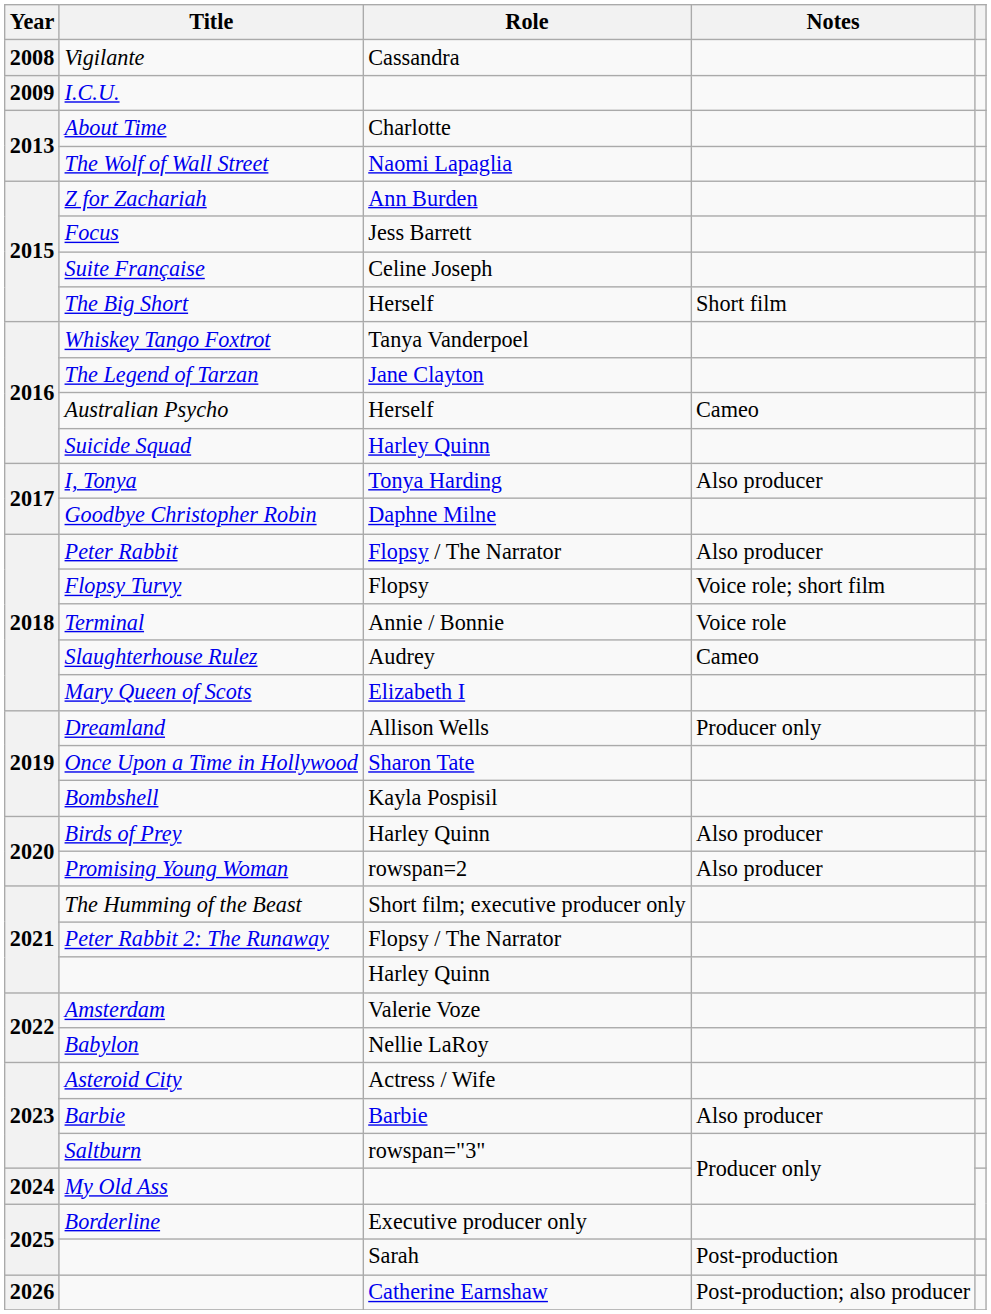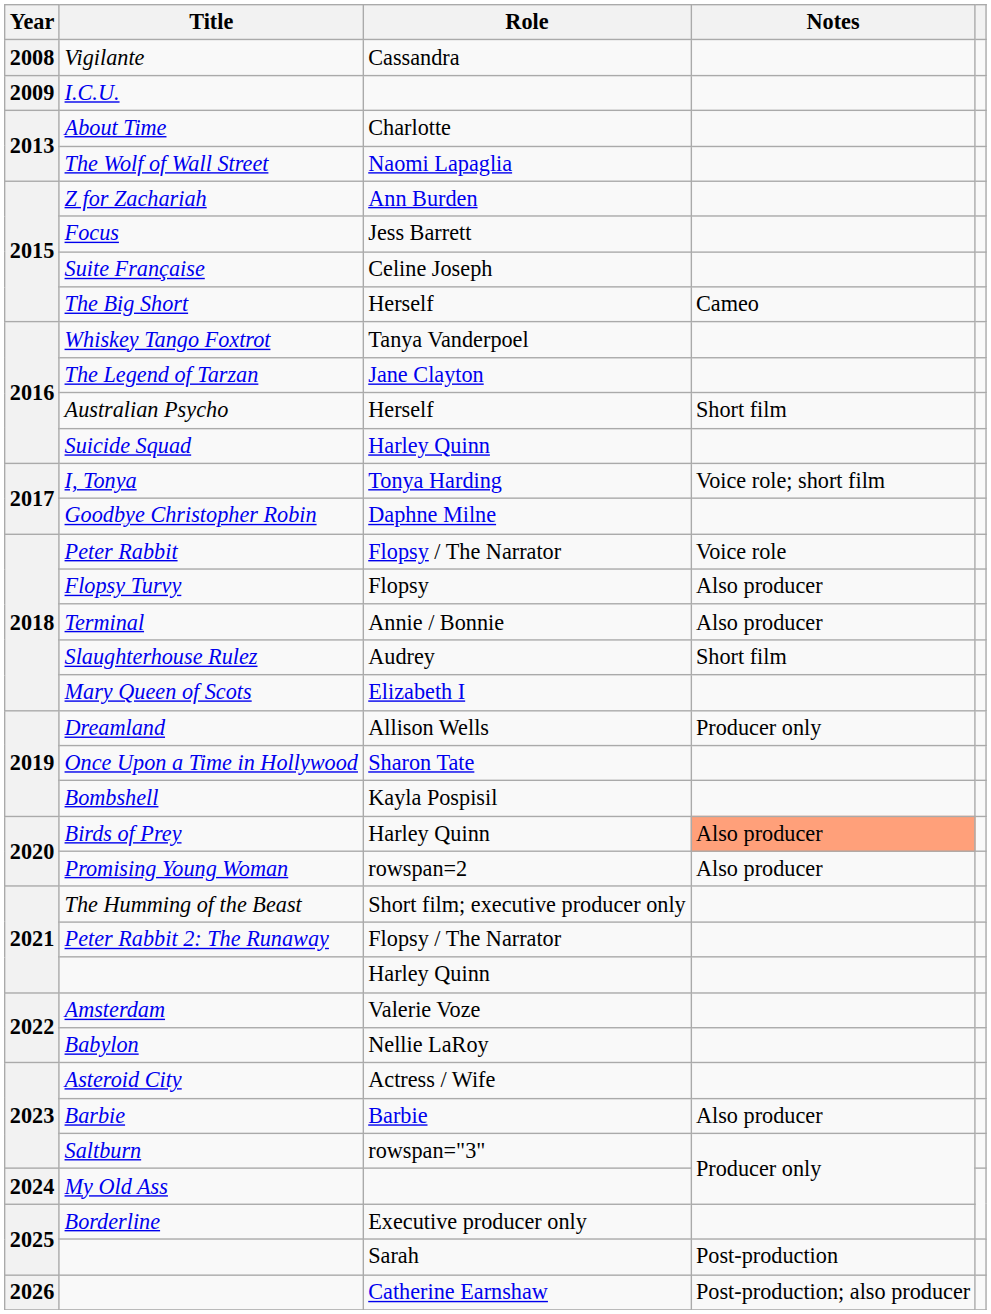 <table class="wikitable plainrowheaders sortable" style="margin-right: 0;">
 <tr>
 <th scope="col">Year</th>
 <th scope="col">Title</th>
 <th scope="col">Role</th>
 <th scope="col" class="sortable">Notes</th>
 <th scope="col" class="unsortable"></th>
 </tr>
 <tr>
 <th scope="row">2008</th>
 <td><em>Vigilante</em></td>
 <td>Cassandra</td>
 <td></td>
 <td style="text-align:center;"></td>
 </tr>
 <tr>
 <th scope="row">2009</th>
 <td><em><a href='#'>I.C.U.</a></em></td>
 <td></td>
 <td></td>
 <td style="text-align:center;"></td>
 </tr>
 <tr>
 <th scope="row" rowspan=2>2013</th>
 <td><em><a href='#'>About Time</a></em></td>
 <td>Charlotte</td>
 <td></td>
 <td style="text-align:center;"></td>
 </tr>
 <tr>
 <td><em><a href='#'>The Wolf of Wall Street</a></em></td>
 <td><a href='#'>Naomi Lapaglia</a></td>
 <td></td>
 <td style="text-align:center;"></td>
 </tr>
 <tr>
 <th scope="row" rowspan=4>2015</th>
 <td><em><a href='#'>Z for Zachariah</a></em></td>
 <td><a href='#'>Ann Burden</a></td>
 <td></td>
 <td style="text-align:center;"></td>
 </tr>
 <tr>
 <td><em><a href='#'>Focus</a></em></td>
 <td>Jess Barrett</td>
 <td></td>
 <td style="text-align:center;"></td>
 </tr>
 <tr>
 <td><em><a href='#'>Suite Française</a></em></td>
 <td>Celine Joseph</td>
 <td></td>
 <td style="text-align:center;"></td>
 </tr>
 <tr>
 <td><em><a href='#'>The Big Short</a></em></td>
 <td>Herself</td>
-<td>Short film</td>
+<td>Cameo</td>
 <td style="text-align:center;"></td>
 </tr>
 <tr>
 <th scope="row" rowspan=4>2016</th>
 <td><em><a href='#'>Whiskey Tango Foxtrot</a></em></td>
 <td>Tanya Vanderpoel</td>
 <td></td>
 <td style="text-align:center;"></td>
 </tr>
 <tr>
 <td><em><a href='#'>The Legend of Tarzan</a></em></td>
 <td><a href='#'>Jane Clayton</a></td>
 <td></td>
 <td style="text-align:center;"></td>
 </tr>
 <tr>
 <td><em>Australian Psycho</em></td>
 <td>Herself</td>
-<td>Cameo</td>
+<td>Short film</td>
 <td style="text-align:center;"></td>
 </tr>
 <tr>
 <td><em><a href='#'>Suicide Squad</a></em></td>
 <td><a href='#'>Harley Quinn</a></td>
 <td></td>
 <td style="text-align:center;"></td>
 </tr>
 <tr>
 <th scope="row" rowspan=2>2017</th>
 <td><em><a href='#'>I, Tonya</a></em></td>
 <td><a href='#'>Tonya Harding</a></td>
-<td>Also producer</td>
+<td>Voice role; short film</td>
 <td style="text-align:center;"></td>
 </tr>
 <tr>
 <td><em><a href='#'>Goodbye Christopher Robin</a></em></td>
 <td><a href='#'>Daphne Milne</a></td>
 <td></td>
 <td style="text-align:center;"></td>
 </tr>
 <tr>
 <th scope="row" rowspan=5>2018</th>
 <td><em><a href='#'>Peter Rabbit</a></em></td>
 <td><a href='#'>Flopsy</a> / The Narrator</td>
-<td>Also producer</td>
+<td>Voice role</td>
 <td style="text-align:center;"></td>
 </tr>
 <tr>
 <td><em><a href='#'>Flopsy Turvy</a></em></td>
 <td>Flopsy</td>
-<td>Voice role; short film</td>
+<td>Also producer</td>
 <td></td>
 </tr>
 <tr>
 <td><em><a href='#'>Terminal</a></em></td>
 <td>Annie / Bonnie</td>
-<td>Voice role</td>
+<td>Also producer</td>
 <td style="text-align:center;"></td>
 </tr>
 <tr>
 <td><em><a href='#'>Slaughterhouse Rulez</a></em></td>
 <td>Audrey</td>
-<td>Cameo</td>
+<td>Short film</td>
 <td style="text-align:center;"></td>
 </tr>
 <tr>
 <td><em><a href='#'>Mary Queen of Scots</a></em></td>
 <td><a href='#'>Elizabeth I</a></td>
 <td></td>
 <td style="text-align:center;"></td>
 </tr>
 <tr>
 <th scope="row" rowspan=3>2019</th>
 <td><em><a href='#'>Dreamland</a></em></td>
 <td>Allison Wells</td>
 <td>Producer only</td>
 <td style="text-align:center;"></td>
 </tr>
 <tr>
 <td><em><a href='#'>Once Upon a Time in Hollywood</a></em></td>
 <td><a href='#'>Sharon Tate</a></td>
 <td></td>
 <td style="text-align:center;"></td>
 </tr>
 <tr>
 <td><em><a href='#'>Bombshell</a></em></td>
 <td>Kayla Pospisil</td>
 <td></td>
 <td style="text-align:center;"></td>
 </tr>
 <tr>
 <th scope="row" rowspan=2>2020</th>
 <td><em><a href='#'>Birds of Prey</a></em></td>
 <td>Harley Quinn</td>
-<td>Also producer</td>
+<td style="background: lightsalmon;">Also producer</td>
 <td style="text-align:center;"></td>
 </tr>
 <tr>
 <td><em><a href='#'>Promising Young Woman</a></em></td>
 <td>rowspan=2 </td>
 <td>Also producer</td>
 <td style="text-align:center;"></td>
 </tr>
 <tr>
 <th scope="row" rowspan=3>2021</th>
 <td><em>The Humming of the Beast</em></td>
 <td>Short film; executive producer only</td>
 <td style="text-align:center;"></td>
 </tr>
 <tr>
 <td><em><a href='#'>Peter Rabbit 2: The Runaway</a></em></td>
 <td>Flopsy / The Narrator</td>
 <td></td>
 <td style="text-align:center;"></td>
 </tr>
 <tr>
 <td></td>
 <td>Harley Quinn</td>
 <td></td>
 <td style="text-align:center;"></td>
 </tr>
 <tr>
 <th scope="row" rowspan=2>2022</th>
 <td><em><a href='#'>Amsterdam</a></em></td>
 <td>Valerie Voze</td>
 <td></td>
 <td style="text-align:center;"></td>
 </tr>
 <tr>
 <td><em><a href='#'>Babylon</a></em></td>
 <td>Nellie LaRoy</td>
 <td></td>
 <td style="text-align:center;"></td>
 </tr>
 <tr>
 <th scope="row" rowspan=3>2023</th>
 <td><em><a href='#'>Asteroid City</a></em></td>
 <td>Actress / Wife</td>
 <td></td>
 <td style="text-align:center;"></td>
 </tr>
 <tr>
 <td><em><a href='#'>Barbie</a></em></td>
 <td><a href='#'>Barbie</a></td>
 <td>Also producer</td>
 <td style="text-align:center;"></td>
 </tr>
 <tr>
 <td><em><a href='#'>Saltburn</a></em></td>
 <td>rowspan="3" </td>
 <td rowspan="2">Producer only</td>
 <td style="text-align:center;"></td>
 </tr>
 <tr>
 <th scope="row">2024</th>
 <td><em><a href='#'>My Old Ass</a></em></td>
 <td style="text-align:center;"></td>
 </tr>
 <tr>
 <th scope="row" rowspan="2">2025</th>
 <td><em><a href='#'>Borderline</a></em></td>
 <td>Executive producer only</td>
 <td style="text-align:center;"></td>
 </tr>
 <tr>
 <td></td>
 <td>Sarah</td>
 <td>Post-production</td>
 <td style="text-align:center;"></td>
 </tr>
 <tr>
 <th scope="row">2026</th>
 <td></td>
 <td><a href='#'>Catherine Earnshaw</a></td>
 <td>Post-production; also producer</td>
 <td style="text-align:center;"></td>
 </tr>
 </table>
